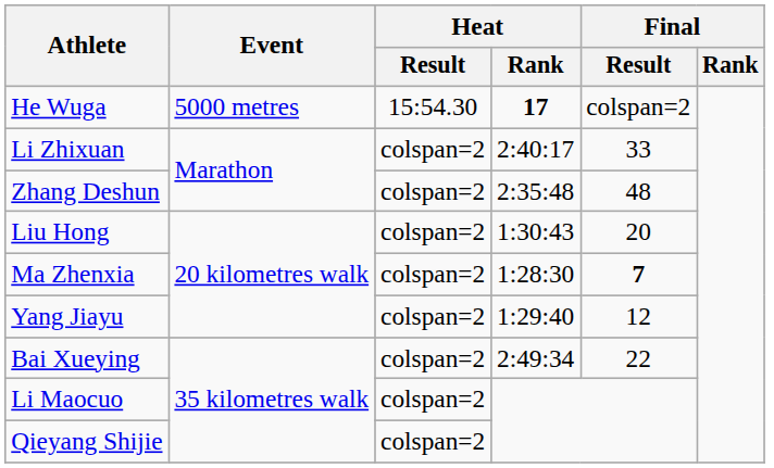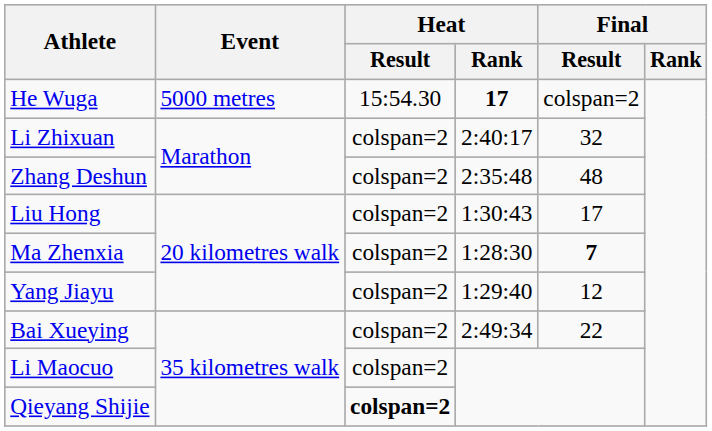 <table class="wikitable" style="font-size:90%">
 <tr>
 <th rowspan="2">Athlete</th>
 <th rowspan="2">Event</th>
 <th colspan="2">Heat</th>
 <th colspan="2">Final</th>
 </tr>
 <tr style="font-size:95%">
 <th>Result</th>
 <th>Rank</th>
 <th>Result</th>
 <th>Rank</th>
 </tr>
 <tr style=text-align:center>
 <td style=text-align:left><a href='#'>He Wuga</a></td>
 <td style=text-align:left><a href='#'>5000 metres</a></td>
 <td>15:54.30</td>
 <td><strong>17</strong></td>
 <td>colspan=2 </td>
 </tr>
 <tr style=text-align:center>
 <td style=text-align:left><a href='#'>Li Zhixuan</a></td>
 <td style=text-align:left rowspan=2><a href='#'>Marathon</a></td>
 <td>colspan=2</td>
 <td>2:40:17</td>
-<td>33</td>
+<td>32</td>
 </tr>
 <tr style=text-align:center>
 <td style=text-align:left><a href='#'>Zhang Deshun</a></td>
 <td>colspan=2</td>
 <td>2:35:48</td>
 <td>48</td>
 </tr>
 <tr style=text-align:center>
 <td style=text-align:left><a href='#'>Liu Hong</a></td>
 <td style=text-align:left rowspan=3><a href='#'>20 kilometres walk</a></td>
 <td>colspan=2</td>
 <td>1:30:43</td>
-<td>20</td>
+<td>17</td>
 </tr>
 <tr style=text-align:center>
 <td style=text-align:left><a href='#'>Ma Zhenxia</a></td>
 <td>colspan=2</td>
 <td>1:28:30</td>
 <td><strong>7</strong></td>
 </tr>
 <tr style=text-align:center>
 <td style=text-align:left><a href='#'>Yang Jiayu</a></td>
 <td>colspan=2</td>
 <td>1:29:40</td>
 <td>12</td>
 </tr>
 <tr style=text-align:center>
 <td style=text-align:left><a href='#'>Bai Xueying</a></td>
 <td style=text-align:left rowspan=3><a href='#'>35 kilometres walk</a></td>
 <td>colspan=2</td>
 <td>2:49:34</td>
 <td>22</td>
 </tr>
 <tr style=text-align:center>
 <td style=text-align:left><a href='#'>Li Maocuo</a></td>
 <td>colspan=2</td>
 <td colspan=2 rowspan=2></td>
 </tr>
 <tr style=text-align:center>
 <td style=text-align:left><a href='#'>Qieyang Shijie</a></td>
-<td>colspan=2</td>
+<td><strong>colspan=2</strong></td>
 </tr>
 </table>
